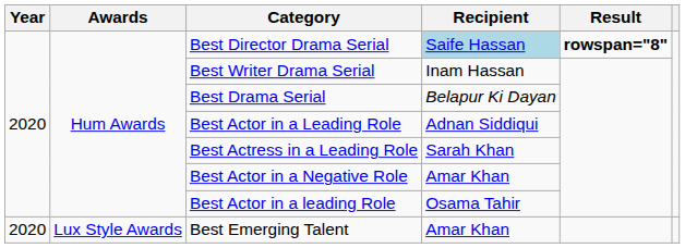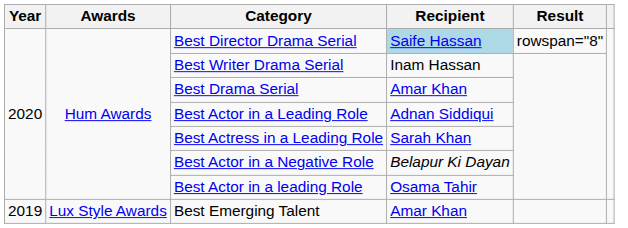 <table class="wikitable sortable">
 <tr>
 <th>Year</th>
 <th>Awards</th>
 <th>Category</th>
 <th>Recipient</th>
 <th>Result</th>
 <th scope="col" class="unsortable"></th>
 </tr>
 <tr>
 <td rowspan="7">2020</td>
 <td rowspan="7"; style="text-align:center;"><a href='#'>Hum Awards</a></td>
 <td><a href='#'>Best Director Drama Serial</a></td>
 <td style="background: lightblue;"><a href='#'>Saife Hassan</a></td>
-<td><strong>rowspan="8" </strong></td>
+<td>rowspan="8" </td>
 <td rowspan="7"></td>
 </tr>
 <tr>
 <td><a href='#'>Best Writer Drama Serial</a></td>
 <td>Inam Hassan</td>
 </tr>
 <tr>
 <td><a href='#'>Best Drama Serial</a></td>
-<td><em>Belapur Ki Dayan</em></td>
+<td><a href='#'>Amar Khan</a></td>
 </tr>
 <tr>
 <td><a href='#'>Best Actor in a Leading Role</a></td>
 <td><a href='#'>Adnan Siddiqui</a></td>
 </tr>
 <tr>
 <td><a href='#'>Best Actress in a Leading Role</a></td>
 <td><a href='#'>Sarah Khan</a></td>
 </tr>
 <tr>
 <td><a href='#'>Best Actor in a Negative Role</a></td>
-<td><a href='#'>Amar Khan</a></td>
+<td><em>Belapur Ki Dayan</em></td>
 </tr>
 <tr>
 <td><a href='#'>Best Actor in a leading Role</a></td>
 <td><a href='#'>Osama Tahir</a></td>
 </tr>
 <tr>
-<td>2020</td>
+<td>2019</td>
 <td style="text-align:center;"><a href='#'>Lux Style Awards</a></td>
 <td>Best Emerging Talent</td>
 <td><a href='#'>Amar Khan</a></td>
 <td></td>
 </tr>
 </table>
